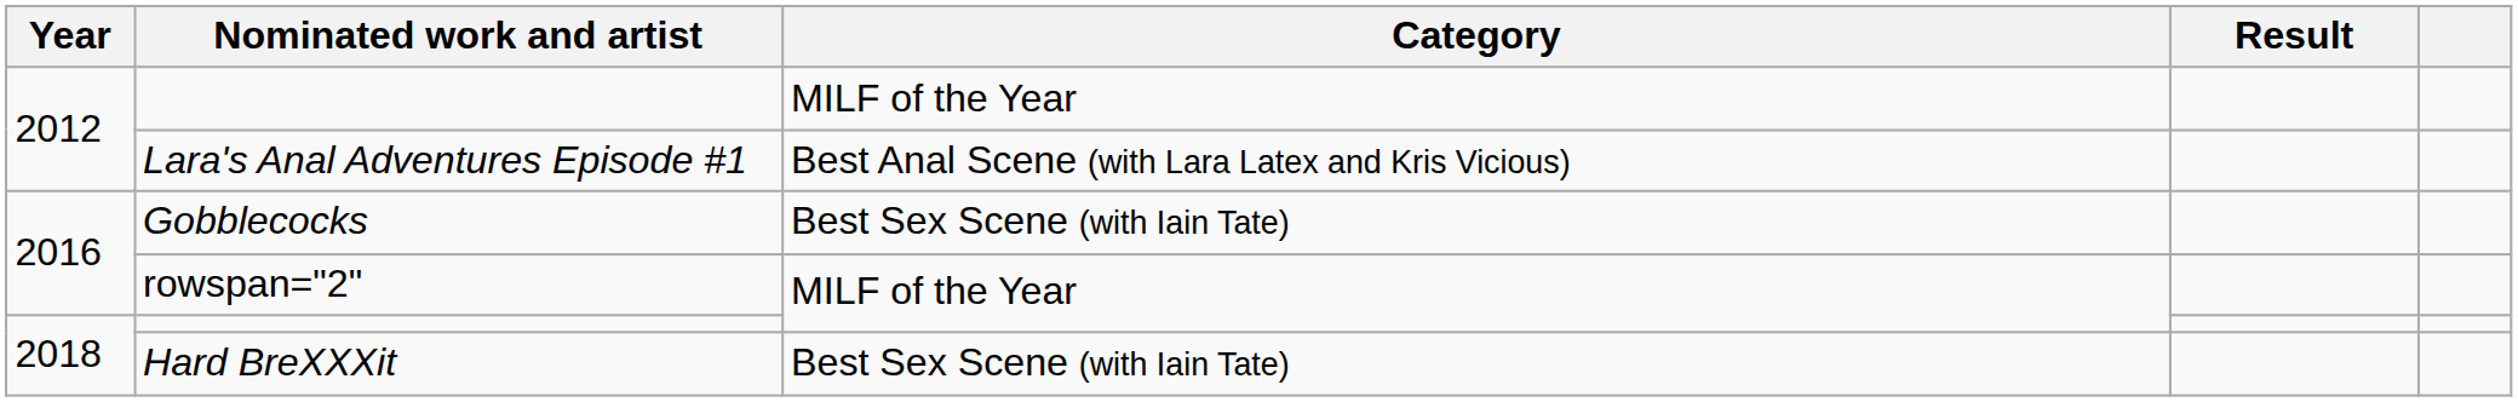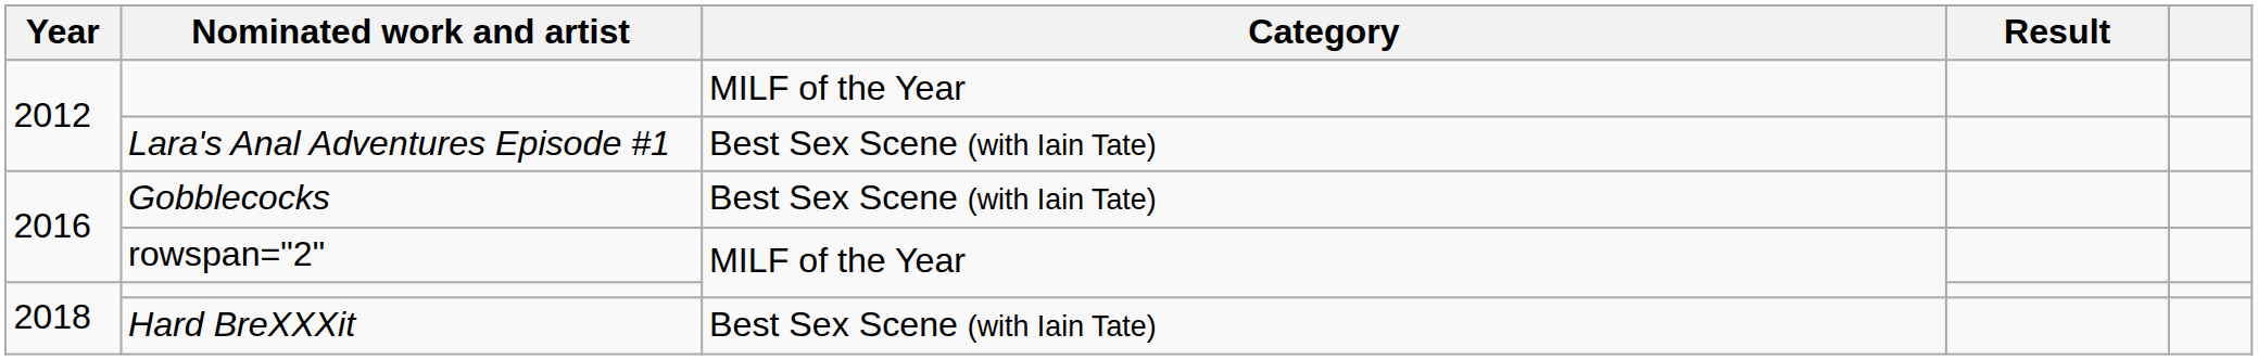 <table class="wikitable" style="width:65%;">
 <tr>
 <th width=4%>Year</th>
 <th style="width:21%;">Nominated work and artist</th>
 <th style="width:45%;">Category</th>
 <th style="width:8%;">Result</th>
 <th width=3%></th>
 </tr>
 <tr>
 <td rowspan="2">2012</td>
 <td></td>
 <td>MILF of the Year</td>
 <td></td>
 <td style="text-align:center;"></td>
 </tr>
 <tr>
 <td><em>Lara's Anal Adventures Episode #1</em></td>
-<td>Best Anal Scene <small>(with Lara Latex and Kris Vicious)</small></td>
+<td>Best Sex Scene <small>(with Iain Tate)</small></td>
 <td></td>
 <td style="text-align:center;"></td>
 </tr>
 <tr>
 <td rowspan="2">2016</td>
 <td><em>Gobblecocks</em></td>
 <td>Best Sex Scene <small>(with Iain Tate)</small></td>
 <td></td>
 <td style="text-align:center;"></td>
 </tr>
 <tr>
 <td>rowspan="2" </td>
 <td rowspan="2">MILF of the Year</td>
 <td></td>
 <td style="text-align:center;"></td>
 </tr>
 <tr>
 <td rowspan="2">2018</td>
 <td></td>
 <td style="text-align:center;"></td>
 </tr>
 <tr>
 <td><em>Hard BreXXXit</em></td>
 <td>Best Sex Scene <small>(with Iain Tate)</small></td>
 <td></td>
 <td style="text-align:center;"></td>
 </tr>
 </table>
